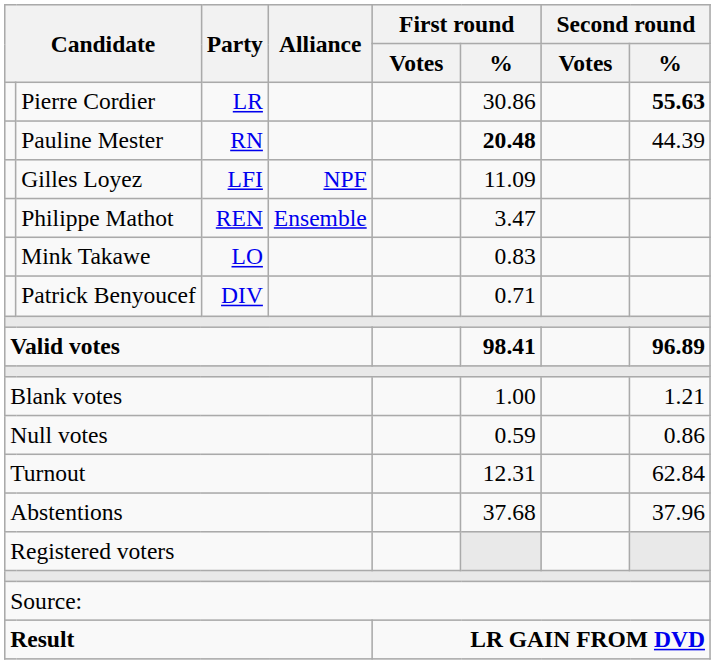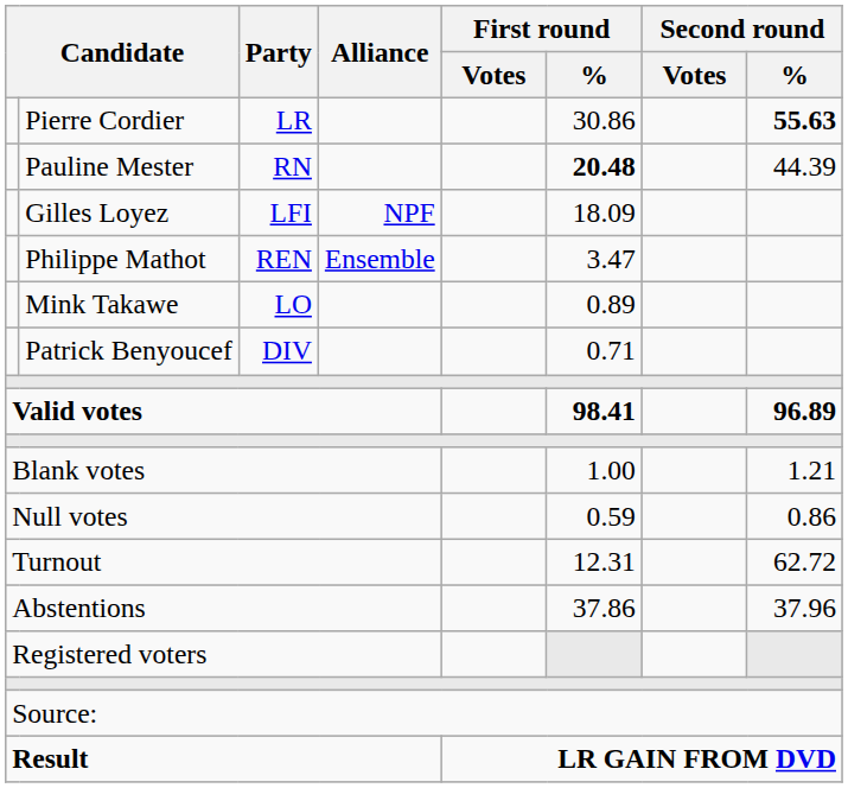 <table class="wikitable" style="text-align:right;font-size:95%;">
 <tr>
 <th colspan="2" rowspan="2">Candidate</th>
 <th colspan="1" rowspan="2">Party</th>
 <th colspan="1" rowspan="2">Alliance</th>
 <th colspan="2">First round</th>
 <th colspan="2">Second round</th>
 </tr>
 <tr>
 <th style="width:50px;">Votes</th>
 <th style="width:45px;">%</th>
 <th style="width:50px;">Votes</th>
 <th style="width:45px;">%</th>
 </tr>
 <tr>
 <td style="color:inherit;background:"></td>
 <td style="text-align:left;">Pierre Cordier</td>
 <td><a href='#'>LR</a></td>
 <td></td>
 <td></td>
 <td>30.86</td>
 <td><strong></strong></td>
 <td><strong>55.63</strong></td>
 </tr>
 <tr>
 <td style="color:inherit;background:"></td>
 <td style="text-align:left;">Pauline Mester</td>
 <td><a href='#'>RN</a></td>
 <td></td>
 <td><strong></strong></td>
 <td><strong>20.48</strong></td>
 <td></td>
 <td>44.39</td>
 </tr>
 <tr>
 <td style="color:inherit;background:"></td>
 <td style="text-align:left;">Gilles Loyez</td>
 <td><a href='#'>LFI</a></td>
 <td><a href='#'>NPF</a></td>
 <td></td>
-<td>11.09</td>
+<td>18.09</td>
 <td></td>
 <td></td>
 </tr>
 <tr>
 <td style="color:inherit;background:"></td>
 <td style="text-align:left;">Philippe Mathot</td>
 <td><a href='#'>REN</a></td>
 <td><a href='#'>Ensemble</a></td>
 <td></td>
 <td>3.47</td>
 <td></td>
 <td></td>
 </tr>
 <tr>
 <td style="color:inherit;background:"></td>
 <td style="text-align:left;">Mink Takawe</td>
 <td><a href='#'>LO</a></td>
 <td></td>
 <td></td>
-<td>0.83</td>
+<td>0.89</td>
 <td></td>
 <td></td>
 </tr>
 <tr>
 <td style="color:inherit;background:"></td>
 <td style="text-align:left;">Patrick Benyoucef</td>
 <td><a href='#'>DIV</a></td>
 <td></td>
 <td></td>
 <td>0.71</td>
 <td></td>
 <td></td>
 </tr>
 <tr>
 <td colspan="8" style="background:#E9E9E9;"></td>
 </tr>
 <tr style="font-weight:bold;">
 <td colspan="4" style="text-align:left;">Valid votes</td>
 <td></td>
 <td>98.41</td>
 <td></td>
 <td>96.89</td>
 </tr>
 <tr>
 <td colspan="8" style="background:#E9E9E9;"></td>
 </tr>
 <tr>
 <td colspan="4" style="text-align:left;">Blank votes</td>
 <td></td>
 <td>1.00</td>
 <td></td>
 <td>1.21</td>
 </tr>
 <tr>
 <td colspan="4" style="text-align:left;">Null votes</td>
 <td></td>
 <td>0.59</td>
 <td></td>
 <td>0.86</td>
 </tr>
 <tr>
 <td colspan="4" style="text-align:left;">Turnout</td>
 <td></td>
 <td>12.31</td>
 <td></td>
-<td>62.84</td>
+<td>62.72</td>
 </tr>
 <tr>
 <td colspan="4" style="text-align:left;">Abstentions</td>
 <td></td>
-<td>37.68</td>
+<td>37.86</td>
 <td></td>
 <td>37.96</td>
 </tr>
 <tr>
 <td colspan="4" style="text-align:left;">Registered voters</td>
 <td></td>
 <td style="background:#E9E9E9;"></td>
 <td></td>
 <td style="background:#E9E9E9;"></td>
 </tr>
 <tr>
 <td colspan="8" style="background:#E9E9E9;"></td>
 </tr>
 <tr>
 <td colspan="8" style="text-align:left;">Source: </td>
 </tr>
 <tr style="font-weight:bold">
 <td colspan="4" style="text-align:left;">Result</td>
 <td colspan="4" style="background-color:">LR GAIN FROM <a href='#'>DVD</a></td>
 </tr>
 </table>
